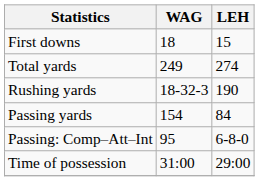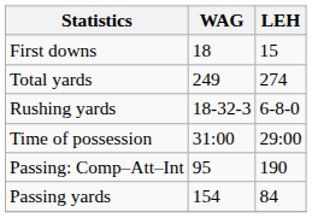 <table class="wikitable" style="float: left;">
 <tr>
 <th>Statistics</th>
 <th>WAG</th>
 <th>LEH</th>
 </tr>
 <tr>
 <td>First downs</td>
 <td>18</td>
 <td>15</td>
 </tr>
 <tr>
 <td>Total yards</td>
 <td>249</td>
 <td>274</td>
 </tr>
 <tr>
 <td>Rushing yards</td>
 <td>18-32-3</td>
+<td>6-8-0</td>
+</tr>
+<tr>
+<td>Time of possession</td>
+<td>31:00</td>
+<td>29:00</td>
+</tr>
+<tr>
+<td>Passing: Comp–Att–Int</td>
+<td>95</td>
 <td>190</td>
 </tr>
 <tr>
 <td>Passing yards</td>
 <td>154</td>
 <td>84</td>
 </tr>
 <tr>
-<td>Passing: Comp–Att–Int</td>
-<td>95</td>
-<td>6-8-0</td>
-</tr>
-<tr>
-<td>Time of possession</td>
-<td>31:00</td>
-<td>29:00</td>
-</tr>
-<tr>
 </tr>
 </table>
